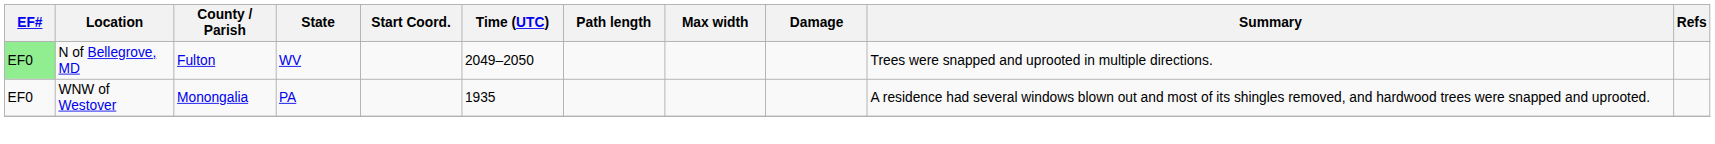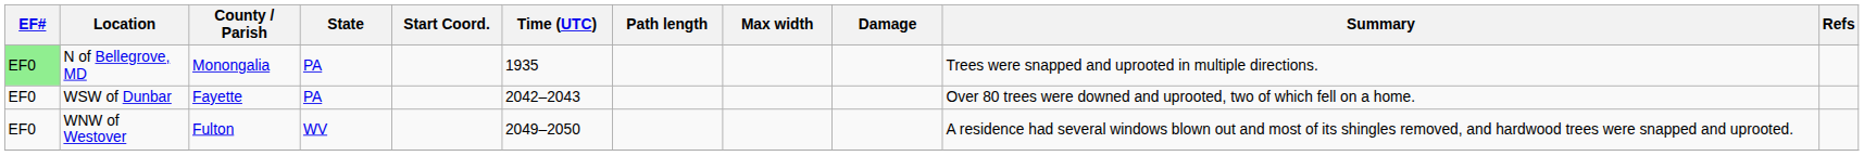 <table class="wikitable sortable" style="width:100%;">
 <tr>
 <th scope="col" width="3%" align="center"><a href='#'>EF#</a></th>
 <th scope="col" width="7%" align="center" class="unsortable">Location</th>
 <th scope="col" width="6%" align="center" class="unsortable">County / Parish</th>
 <th scope="col" width="5%" align="center">State</th>
 <th scope="col" width="6%" align="center">Start Coord.</th>
 <th scope="col" width="6%" align="center">Time (<a href='#'>UTC</a>)</th>
 <th scope="col" width="6%" align="center">Path length</th>
 <th scope="col" width="6%" align="center">Max width</th>
 <th scope="col" width="6%" align="center">Damage</th>
 <th scope="col" width="48%" class="unsortable" align="center">Summary</th>
 <th scope="col" width="48%" class="unsortable" align="center">Refs</th>
 </tr>
 <tr>
 <td style="background: lightgreen;">EF0</td>
 <td>N of <a href='#'>Bellegrove, MD</a></td>
-<td><a href='#'>Fulton</a></td>
-<td><a href='#'>WV</a></td>
+<td><a href='#'>Monongalia</a></td>
+<td><a href='#'>PA</a></td>
 <td></td>
-<td>2049–2050</td>
+<td>1935</td>
 <td></td>
 <td></td>
 <td></td>
 <td>Trees were snapped and uprooted in multiple directions.</td>
 <td></td>
 </tr>
 <tr>
 <td>EF0</td>
-<td>WNW of <a href='#'>Westover</a></td>
-<td><a href='#'>Monongalia</a></td>
+<td>WSW of <a href='#'>Dunbar</a></td>
+<td><a href='#'>Fayette</a></td>
 <td><a href='#'>PA</a></td>
 <td></td>
-<td>1935</td>
+<td>2042–2043</td>
+<td></td>
+<td></td>
+<td></td>
+<td>Over 80 trees were downed and uprooted, two of which fell on a home.</td>
+<td></td>
+</tr>
+<tr>
+<td>EF0</td>
+<td>WNW of <a href='#'>Westover</a></td>
+<td><a href='#'>Fulton</a></td>
+<td><a href='#'>WV</a></td>
+<td></td>
+<td>2049–2050</td>
 <td></td>
 <td></td>
 <td></td>
 <td>A residence had several windows blown out and most of its shingles removed, and hardwood trees were snapped and uprooted.</td>
 <td></td>
 </tr>
 <tr>
 </tr>
 </table>
